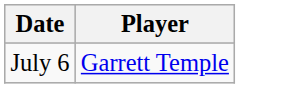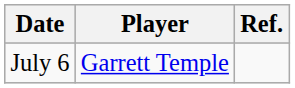 <table class="wikitable sortable sortable" style="text-align: center">
 <tr>
 <th>Date</th>
 <th>Player</th>
+<th>Ref.</th>
 </tr>
 <tr>
 <td>July 6</td>
 <td><a href='#'>Garrett Temple</a></td>
+<td></td>
 </tr>
 </table>
